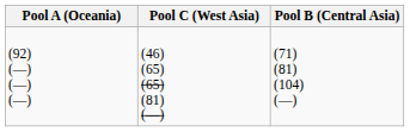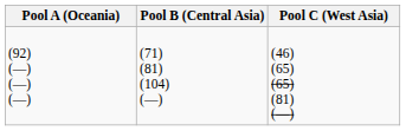 <table class="wikitable">
 <tr>
 <th width=33%>Pool A (Oceania)</th>
+<th width=33%>Pool B (Central Asia)</th>
 <th width=33%>Pool C (West Asia)</th>
-<th width=33%>Pool B (Central Asia)</th>
 </tr>
 <tr>
 <td valign=top><br> (92)<br>  (—)<br>  (—)<br>  (—)</td>
+<td valign=top><br> (71)<br>  (81)<br>  (104)<br>  (—)</td>
 <td><br> (46)<br>  (65)<br> <s> (65)<br></s>  (81)<br> <s> (—)</s></td>
-<td valign=top><br> (71)<br>  (81)<br>  (104)<br>  (—)</td>
 </tr>
 </table>
